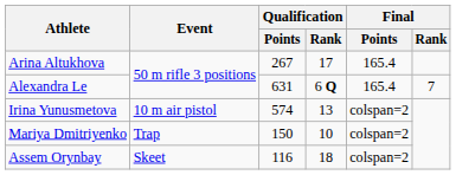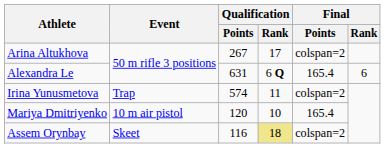 <table class="wikitable" style="font-size:90%">
 <tr>
 <th rowspan="2">Athlete</th>
 <th rowspan="2">Event</th>
 <th colspan=2>Qualification</th>
 <th colspan=2>Final</th>
 </tr>
 <tr style="font-size:95%">
 <th>Points</th>
 <th>Rank</th>
 <th>Points</th>
 <th>Rank</th>
 </tr>
 <tr align=center>
 <td align=left><a href='#'>Arina Altukhova</a></td>
 <td align=left rowspan=2><a href='#'>50 m rifle 3 positions</a></td>
 <td>267</td>
 <td>17</td>
-<td>165.4</td>
+<td>colspan=2 </td>
 </tr>
 <tr align=center>
 <td align=left><a href='#'>Alexandra Le</a></td>
 <td>631</td>
 <td>6 <strong>Q</strong></td>
 <td>165.4</td>
-<td>7</td>
+<td>6</td>
 </tr>
 <tr align=center>
 <td align=left><a href='#'>Irina Yunusmetova</a></td>
-<td align=left><a href='#'>10 m air pistol</a></td>
+<td align=left><a href='#'>Trap</a></td>
 <td>574</td>
-<td>13</td>
+<td>11</td>
 <td>colspan=2 </td>
 </tr>
 <tr align=center>
 <td align=left><a href='#'>Mariya Dmitriyenko</a></td>
-<td align=left><a href='#'>Trap</a></td>
-<td>150</td>
+<td align=left><a href='#'>10 m air pistol</a></td>
+<td>120</td>
 <td>10</td>
-<td>colspan=2 </td>
+<td>165.4</td>
 </tr>
 <tr align=center>
 <td align=left><a href='#'>Assem Orynbay</a></td>
 <td align=left><a href='#'>Skeet</a></td>
 <td>116</td>
-<td>18</td>
+<td style="background: khaki;">18</td>
 <td>colspan=2 </td>
 </tr>
 </table>
